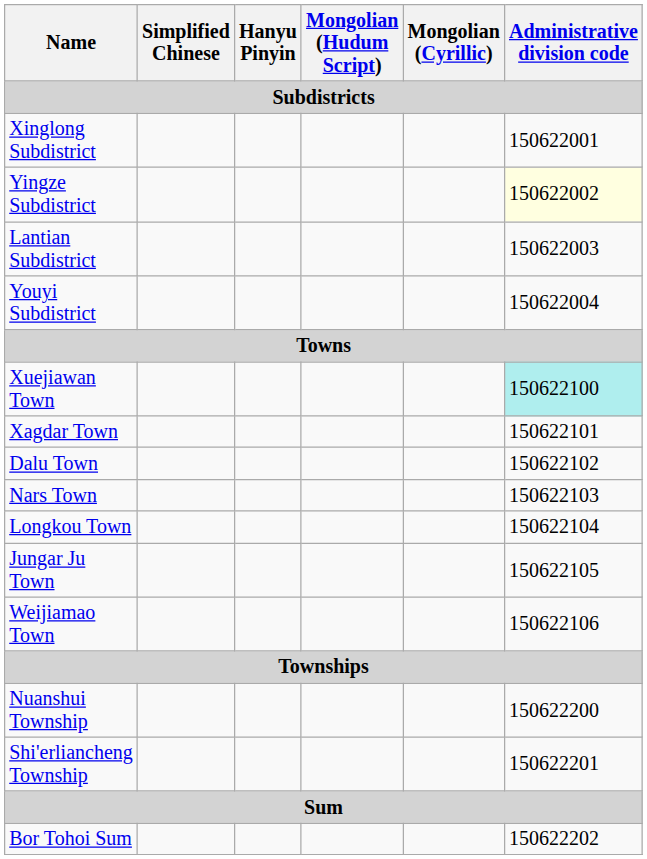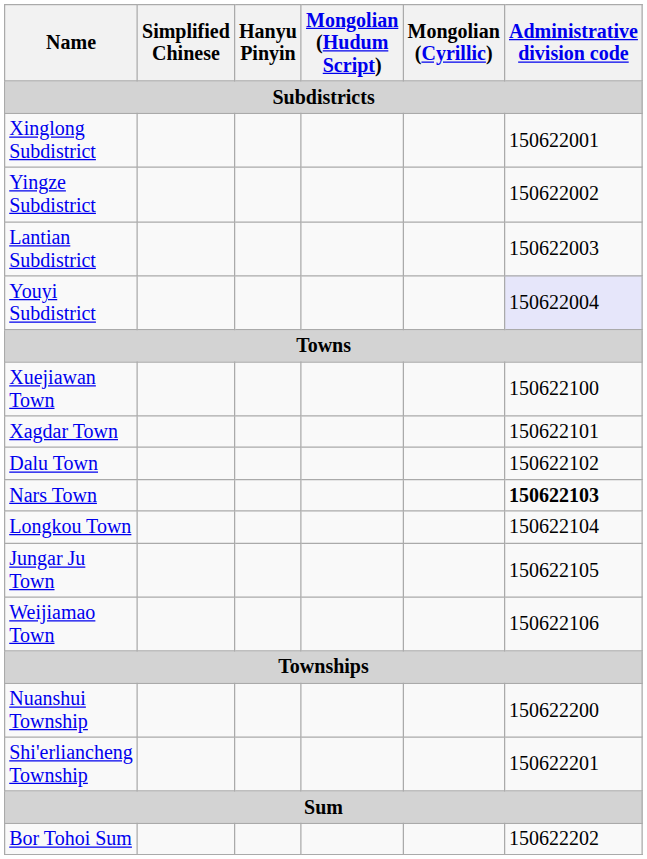 <table class="wikitable" align="center" style="width:50%; border="1">
 <tr>
 <th>Name</th>
 <th>Simplified Chinese</th>
 <th>Hanyu Pinyin</th>
 <th><a href='#'>Mongolian</a> (<a href='#'>Hudum Script</a>)</th>
 <th>Mongolian (<a href='#'>Cyrillic</a>)</th>
 <th><a href='#'>Administrative division code</a></th>
 </tr>
 <tr>
 <td colspan="6"  style="text-align:center; background:#d3d3d3;"><strong>Subdistricts</strong></td>
 </tr>
 <tr --------->
 <td><a href='#'>Xinglong Subdistrict</a></td>
 <td></td>
 <td></td>
 <td></td>
 <td></td>
 <td>150622001</td>
 </tr>
 <tr>
 <td><a href='#'>Yingze Subdistrict</a></td>
 <td></td>
 <td></td>
 <td></td>
 <td></td>
-<td style="background: lightyellow;">150622002</td>
+<td>150622002</td>
 </tr>
 <tr>
 <td><a href='#'>Lantian Subdistrict</a></td>
 <td></td>
 <td></td>
 <td></td>
 <td></td>
 <td>150622003</td>
 </tr>
 <tr>
 <td><a href='#'>Youyi Subdistrict</a></td>
 <td></td>
 <td></td>
 <td></td>
 <td></td>
-<td>150622004</td>
+<td style="background: lavender;">150622004</td>
 </tr>
 <tr>
 <td colspan="6"  style="text-align:center; background:#d3d3d3;"><strong>Towns</strong></td>
 </tr>
 <tr --------->
 <td><a href='#'>Xuejiawan Town</a></td>
 <td></td>
 <td></td>
 <td></td>
 <td></td>
-<td style="background: paleturquoise;">150622100</td>
+<td>150622100</td>
 </tr>
 <tr>
 <td><a href='#'>Xagdar Town</a></td>
 <td></td>
 <td></td>
 <td></td>
 <td></td>
 <td>150622101</td>
 </tr>
 <tr>
 <td><a href='#'>Dalu Town</a></td>
 <td></td>
 <td></td>
 <td></td>
 <td></td>
 <td>150622102</td>
 </tr>
 <tr>
 <td><a href='#'>Nars Town</a></td>
 <td></td>
 <td></td>
 <td></td>
 <td></td>
-<td>150622103</td>
+<td><strong>150622103</strong></td>
 </tr>
 <tr>
 <td><a href='#'>Longkou Town</a></td>
 <td></td>
 <td></td>
 <td></td>
 <td></td>
 <td>150622104</td>
 </tr>
 <tr>
 <td><a href='#'>Jungar Ju Town</a></td>
 <td></td>
 <td></td>
 <td></td>
 <td></td>
 <td>150622105</td>
 </tr>
 <tr>
 <td><a href='#'>Weijiamao Town</a></td>
 <td></td>
 <td></td>
 <td></td>
 <td></td>
 <td>150622106</td>
 </tr>
 <tr>
 <td colspan="6"  style="text-align:center; background:#d3d3d3;"><strong>Townships</strong></td>
 </tr>
 <tr --------->
 <td><a href='#'>Nuanshui Township</a></td>
 <td></td>
 <td></td>
 <td></td>
 <td></td>
 <td>150622200</td>
 </tr>
 <tr>
 <td><a href='#'>Shi'erliancheng Township</a></td>
 <td></td>
 <td></td>
 <td></td>
 <td></td>
 <td>150622201</td>
 </tr>
 <tr>
 <td colspan="6"  style="text-align:center; background:#d3d3d3;"><strong>Sum</strong></td>
 </tr>
 <tr --------->
 <td><a href='#'>Bor Tohoi Sum</a></td>
 <td></td>
 <td></td>
 <td></td>
 <td></td>
 <td>150622202</td>
 </tr>
 <tr>
 </tr>
 </table>
